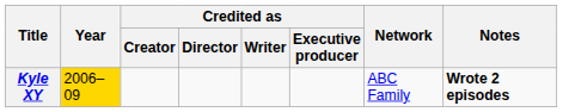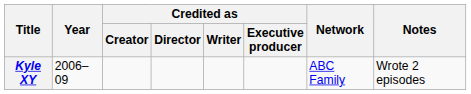 <table class="wikitable plainrowheaders sortable">
 <tr>
 <th rowspan="2" scope="col">Title</th>
 <th rowspan="2" scope="col">Year</th>
 <th colspan="4" scope="col">Credited as</th>
 <th rowspan="2" scope="col">Network</th>
 <th rowspan="2" scope="col" class="unsortable">Notes</th>
 </tr>
 <tr>
 <th>Creator</th>
 <th>Director</th>
 <th>Writer</th>
 <th>Executive<br>producer</th>
 </tr>
 <tr>
 <th scope=row><em><a href='#'>Kyle XY</a></em></th>
-<td style="background: gold;">2006–09</td>
+<td>2006–09</td>
 <td></td>
 <td></td>
 <td></td>
 <td></td>
 <td><a href='#'>ABC Family</a></td>
-<td><strong>Wrote 2 episodes</strong></td>
+<td>Wrote 2 episodes</td>
 </tr>
 </table>
